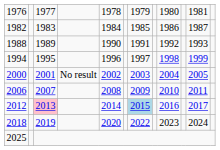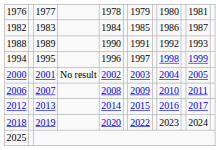 <table class="wikitable">
 <tr>
 <td>1976</td>
 <td></td>
 <td>1977</td>
 <td></td>
 <td>1978</td>
 <td></td>
 <td>1979</td>
 <td></td>
 <td>1980</td>
 <td></td>
 <td>1981</td>
 <td></td>
 </tr>
 <tr>
 <td>1982</td>
 <td></td>
 <td>1983</td>
 <td></td>
 <td>1984</td>
 <td></td>
 <td>1985</td>
 <td></td>
 <td>1986</td>
 <td></td>
 <td>1987</td>
 <td></td>
 </tr>
 <tr>
 <td>1988</td>
 <td></td>
 <td>1989</td>
 <td></td>
 <td>1990</td>
 <td></td>
 <td>1991</td>
 <td></td>
 <td>1992</td>
 <td></td>
 <td>1993</td>
 <td></td>
 </tr>
 <tr>
 <td>1994</td>
 <td></td>
 <td>1995</td>
 <td></td>
 <td>1996</td>
 <td></td>
 <td>1997</td>
 <td></td>
 <td><a href='#'>1998</a></td>
 <td></td>
 <td><a href='#'>1999</a></td>
 <td></td>
 </tr>
 <tr>
 <td><a href='#'>2000</a></td>
 <td></td>
 <td><a href='#'>2001</a></td>
 <td>No result</td>
 <td><a href='#'>2002</a></td>
 <td></td>
 <td><a href='#'>2003</a></td>
 <td></td>
 <td><a href='#'>2004</a></td>
 <td></td>
 <td><a href='#'>2005</a></td>
 <td></td>
 </tr>
 <tr>
 <td><a href='#'>2006</a></td>
 <td></td>
 <td><a href='#'>2007</a></td>
 <td></td>
 <td><a href='#'>2008</a></td>
 <td></td>
 <td><a href='#'>2009</a></td>
 <td></td>
 <td><a href='#'>2010</a></td>
 <td></td>
 <td><a href='#'>2011</a></td>
 <td></td>
 </tr>
 <tr>
 <td><a href='#'>2012</a></td>
 <td></td>
-<td style="background: pink;"><a href='#'>2013</a></td>
+<td><a href='#'>2013</a></td>
 <td></td>
 <td><a href='#'>2014</a></td>
 <td></td>
-<td style="background: lightblue;"><a href='#'>2015</a></td>
+<td><a href='#'>2015</a></td>
 <td></td>
 <td><a href='#'>2016</a></td>
 <td></td>
 <td><a href='#'>2017</a></td>
 <td></td>
 </tr>
 <tr>
 <td><a href='#'>2018</a></td>
 <td></td>
 <td><a href='#'>2019</a></td>
 <td></td>
 <td><a href='#'>2020</a></td>
 <td></td>
 <td><a href='#'>2022</a></td>
 <td></td>
 <td>2023</td>
 <td></td>
 <td>2024</td>
 <td></td>
 </tr>
 <tr>
 <td>2025</td>
 <td></td>
 </tr>
 </table>
